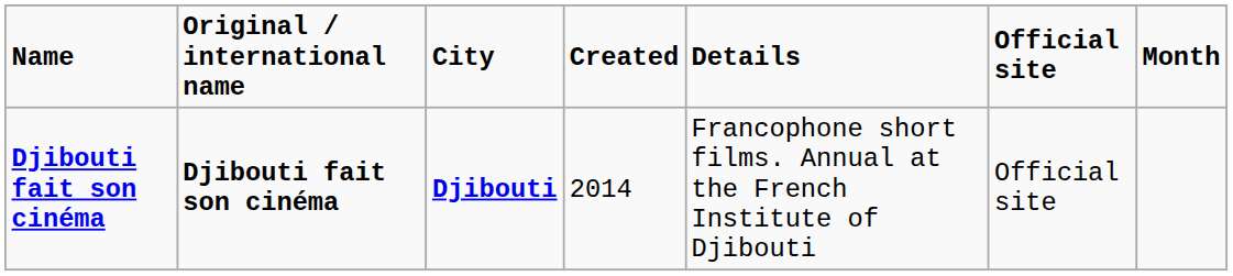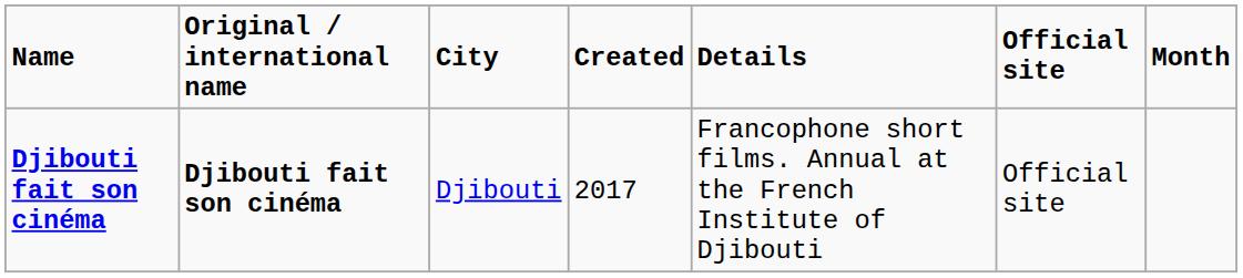 <table class="wikitable">
 <tr>
 <td><strong>Name</strong></td>
 <td><strong>Original / international name</strong></td>
 <td><strong>City</strong></td>
 <td><strong>Created</strong></td>
 <td><strong>Details</strong></td>
 <td><strong>Official site</strong></td>
 <td><strong>Month</strong></td>
 </tr>
 <tr>
 <td><strong><a href='#'>Djibouti fait son cinéma</a></strong></td>
 <td><strong>Djibouti fait son cinéma</strong></td>
-<td><strong><a href='#'>Djibouti</a></strong></td>
-<td>2014</td>
+<td><a href='#'>Djibouti</a></td>
+<td>2017</td>
 <td>Francophone short films. Annual at the French Institute of Djibouti</td>
 <td>Official site</td>
 <td></td>
 </tr>
 </table>
